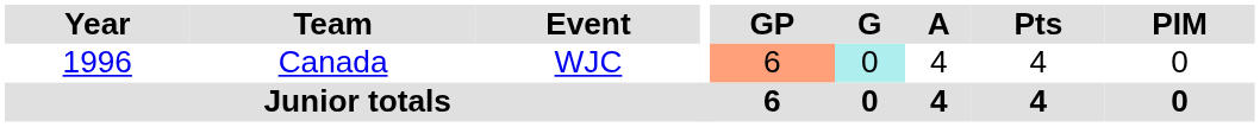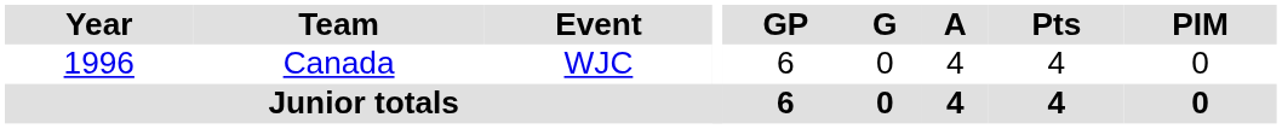 <table border="0" cellpadding="1" cellspacing="0" ID="Table3" style="text-align:center; width:40em">
 <tr bgcolor="#e0e0e0">
 <th>Year</th>
 <th>Team</th>
 <th>Event</th>
 <th rowspan="102" bgcolor="#ffffff"></th>
 <th>GP</th>
 <th>G</th>
 <th>A</th>
 <th>Pts</th>
 <th>PIM</th>
 </tr>
 <tr>
 <td><a href='#'>1996</a></td>
 <td><a href='#'>Canada</a></td>
 <td><a href='#'>WJC</a></td>
-<td style="background: lightsalmon;">6</td>
-<td style="background: paleturquoise;">0</td>
+<td>6</td>
+<td>0</td>
 <td>4</td>
 <td>4</td>
 <td>0</td>
 </tr>
 <tr bgcolor="#e0e0e0">
 <th colspan="4">Junior totals</th>
 <th>6</th>
 <th>0</th>
 <th>4</th>
 <th>4</th>
 <th>0</th>
 </tr>
 </table>
